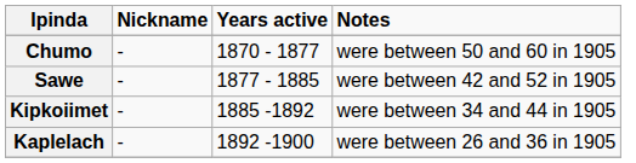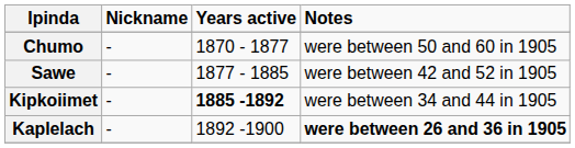 <table class="wikitable">
 <tr>
 <th>Ipinda</th>
 <td><strong>Nickname</strong></td>
 <td><strong>Years active</strong></td>
 <td><strong>Notes</strong></td>
 </tr>
 <tr>
 </tr>
 <tr>
 <th>Chumo</th>
 <td>-</td>
 <td>1870 - 1877</td>
 <td>were between 50 and 60 in 1905</td>
 </tr>
 <tr>
 <th>Sawe</th>
 <td>-</td>
 <td>1877 - 1885</td>
 <td>were between 42 and 52 in 1905</td>
 </tr>
 <tr>
 <th>Kipkoiimet</th>
 <td>-</td>
-<td>1885 -1892</td>
+<td><strong>1885 -1892</strong></td>
 <td>were between 34 and 44 in 1905</td>
 </tr>
 <tr>
 <th>Kaplelach</th>
 <td>-</td>
 <td>1892 -1900</td>
-<td>were between 26 and 36 in 1905</td>
+<td><strong>were between 26 and 36 in 1905</strong></td>
 </tr>
 <tr k>
 </tr>
 </table>
